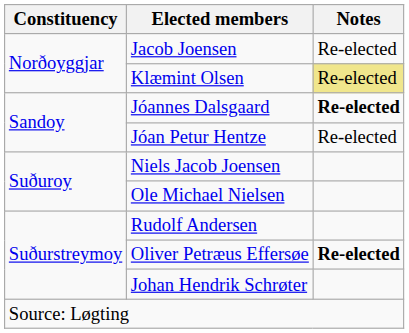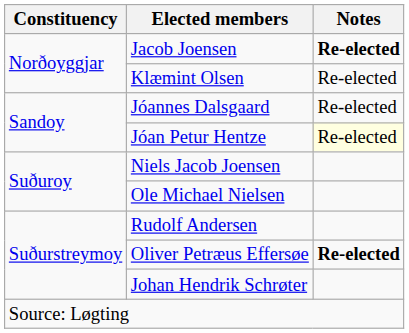 <table class=wikitable>
 <tr>
 <th>Constituency</th>
 <th>Elected members</th>
 <th>Notes</th>
 </tr>
 <tr>
 <td rowspan=2><a href='#'>Norðoyggjar</a></td>
 <td><a href='#'>Jacob Joensen</a></td>
-<td>Re-elected</td>
+<td><strong>Re-elected</strong></td>
 </tr>
 <tr>
 <td><a href='#'>Klæmint Olsen</a></td>
-<td style="background: khaki;">Re-elected</td>
+<td>Re-elected</td>
 </tr>
 <tr>
 <td rowspan=2><a href='#'>Sandoy</a></td>
 <td><a href='#'>Jóannes Dalsgaard</a></td>
-<td><strong>Re-elected</strong></td>
+<td>Re-elected</td>
 </tr>
 <tr>
 <td><a href='#'>Jóan Petur Hentze</a></td>
-<td>Re-elected</td>
+<td style="background: lightyellow;">Re-elected</td>
 </tr>
 <tr>
 <td rowspan=2><a href='#'>Suðuroy</a></td>
 <td><a href='#'>Niels Jacob Joensen</a></td>
 <td></td>
 </tr>
 <tr>
 <td><a href='#'>Ole Michael Nielsen</a></td>
 <td></td>
 </tr>
 <tr>
 <td rowspan=3><a href='#'>Suðurstreymoy</a></td>
 <td><a href='#'>Rudolf Andersen</a></td>
 <td></td>
 </tr>
 <tr>
 <td><a href='#'>Oliver Petræus Effersøe</a></td>
 <td><strong>Re-elected</strong></td>
 </tr>
 <tr>
 <td><a href='#'>Johan Hendrik Schrøter</a></td>
 <td></td>
 </tr>
 <tr>
 <td colspan=3>Source: Løgting</td>
 </tr>
 </table>
